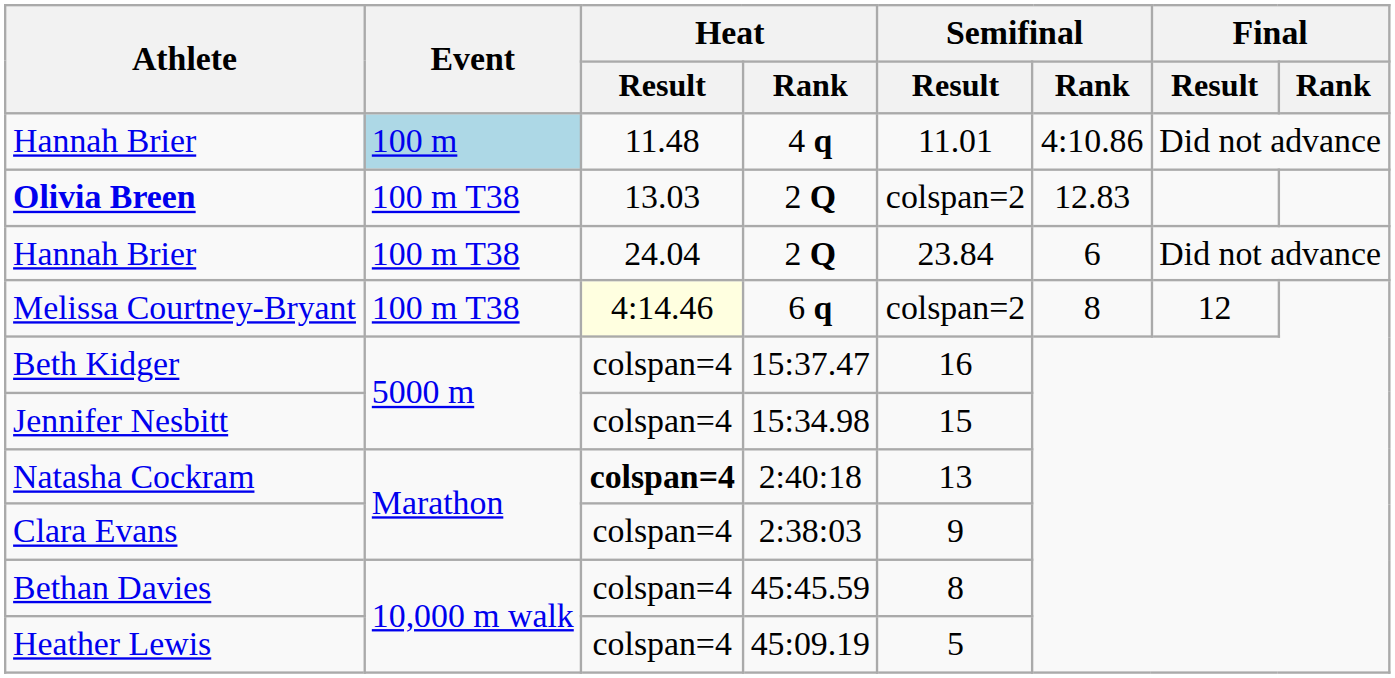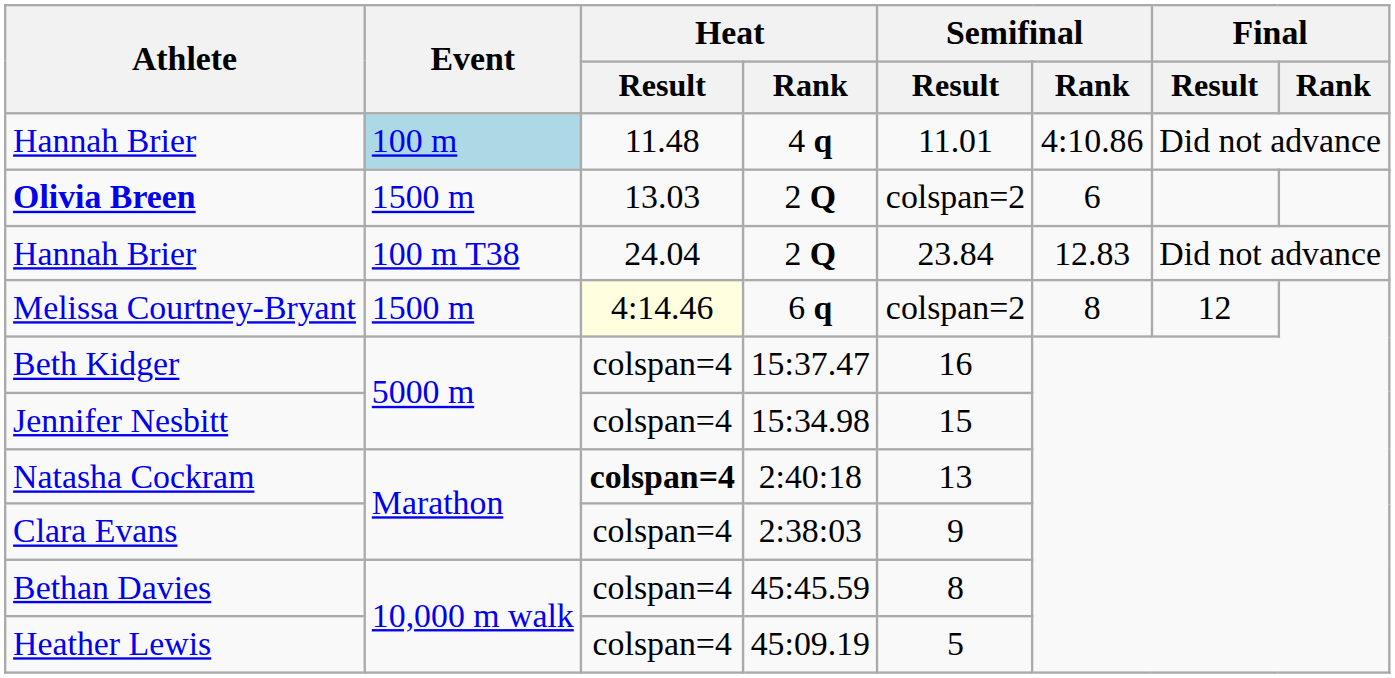 <table class="wikitable" style="font-size:90%; text-align:center">
 <tr>
 <th rowspan=2>Athlete</th>
 <th rowspan=2>Event</th>
 <th colspan=2>Heat</th>
 <th colspan=2>Semifinal</th>
 <th colspan=2>Final</th>
 </tr>
 <tr style="font-size:95%">
 <th>Result</th>
 <th>Rank</th>
 <th>Result</th>
 <th>Rank</th>
 <th>Result</th>
 <th>Rank</th>
 </tr>
 <tr>
 <td align=left><a href='#'>Hannah Brier</a></td>
 <td align=left style="background: lightblue;"><a href='#'>100 m</a></td>
 <td>11.48</td>
 <td>4 <strong>q</strong></td>
 <td>11.01</td>
 <td>4:10.86</td>
 <td colspan=2>Did not advance</td>
 </tr>
 <tr>
 <td align=left><strong><a href='#'>Olivia Breen</a></strong></td>
-<td align=left><a href='#'>100 m T38</a></td>
+<td align=left><a href='#'>1500 m</a></td>
 <td>13.03</td>
 <td>2 <strong>Q</strong></td>
 <td>colspan=2 </td>
-<td>12.83</td>
+<td>6</td>
 <td></td>
 </tr>
 <tr>
 <td align=left><a href='#'>Hannah Brier</a></td>
 <td align=left><a href='#'>100 m T38</a></td>
 <td>24.04</td>
 <td>2 <strong>Q</strong></td>
 <td>23.84</td>
-<td>6</td>
+<td>12.83</td>
 <td colspan=2>Did not advance</td>
 </tr>
 <tr>
 <td align=left><a href='#'>Melissa Courtney-Bryant</a></td>
-<td align=left><a href='#'>100 m T38</a></td>
+<td align=left><a href='#'>1500 m</a></td>
 <td style="background: lightyellow;">4:14.46</td>
 <td>6 <strong>q</strong></td>
 <td>colspan=2 </td>
 <td>8</td>
 <td>12</td>
 </tr>
 <tr>
 <td align=left><a href='#'>Beth Kidger</a></td>
 <td align=left rowspan=2><a href='#'>5000 m</a></td>
 <td>colspan=4 </td>
 <td>15:37.47</td>
 <td>16</td>
 </tr>
 <tr>
 <td align=left><a href='#'>Jennifer Nesbitt</a></td>
 <td>colspan=4 </td>
 <td>15:34.98</td>
 <td>15</td>
 </tr>
 <tr>
 <td align=left><a href='#'>Natasha Cockram</a></td>
 <td align=left rowspan=2><a href='#'>Marathon</a></td>
 <td><strong>colspan=4 </strong></td>
 <td>2:40:18</td>
 <td>13</td>
 </tr>
 <tr>
 <td align=left><a href='#'>Clara Evans</a></td>
 <td>colspan=4 </td>
 <td>2:38:03</td>
 <td>9</td>
 </tr>
 <tr>
 <td align=left><a href='#'>Bethan Davies</a></td>
 <td align=left rowspan=2><a href='#'>10,000 m walk</a></td>
 <td>colspan=4 </td>
 <td>45:45.59</td>
 <td>8</td>
 </tr>
 <tr>
 <td align=left><a href='#'>Heather Lewis</a></td>
 <td>colspan=4 </td>
 <td>45:09.19</td>
 <td>5</td>
 </tr>
 </table>
